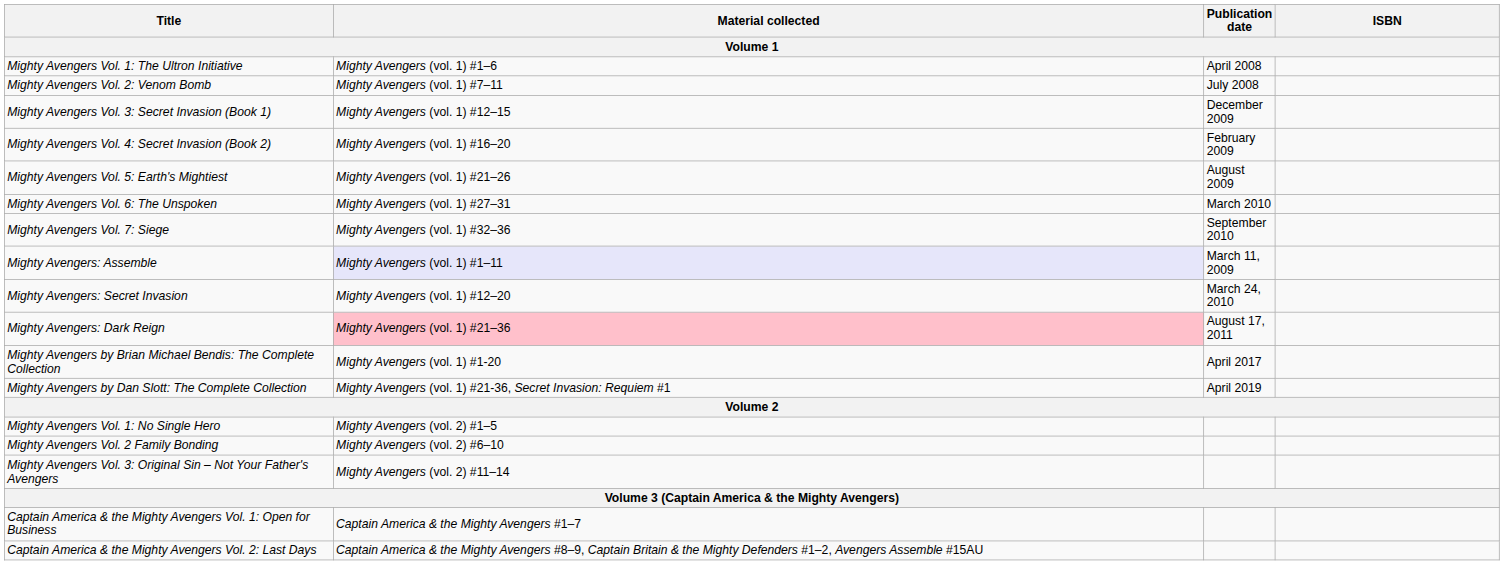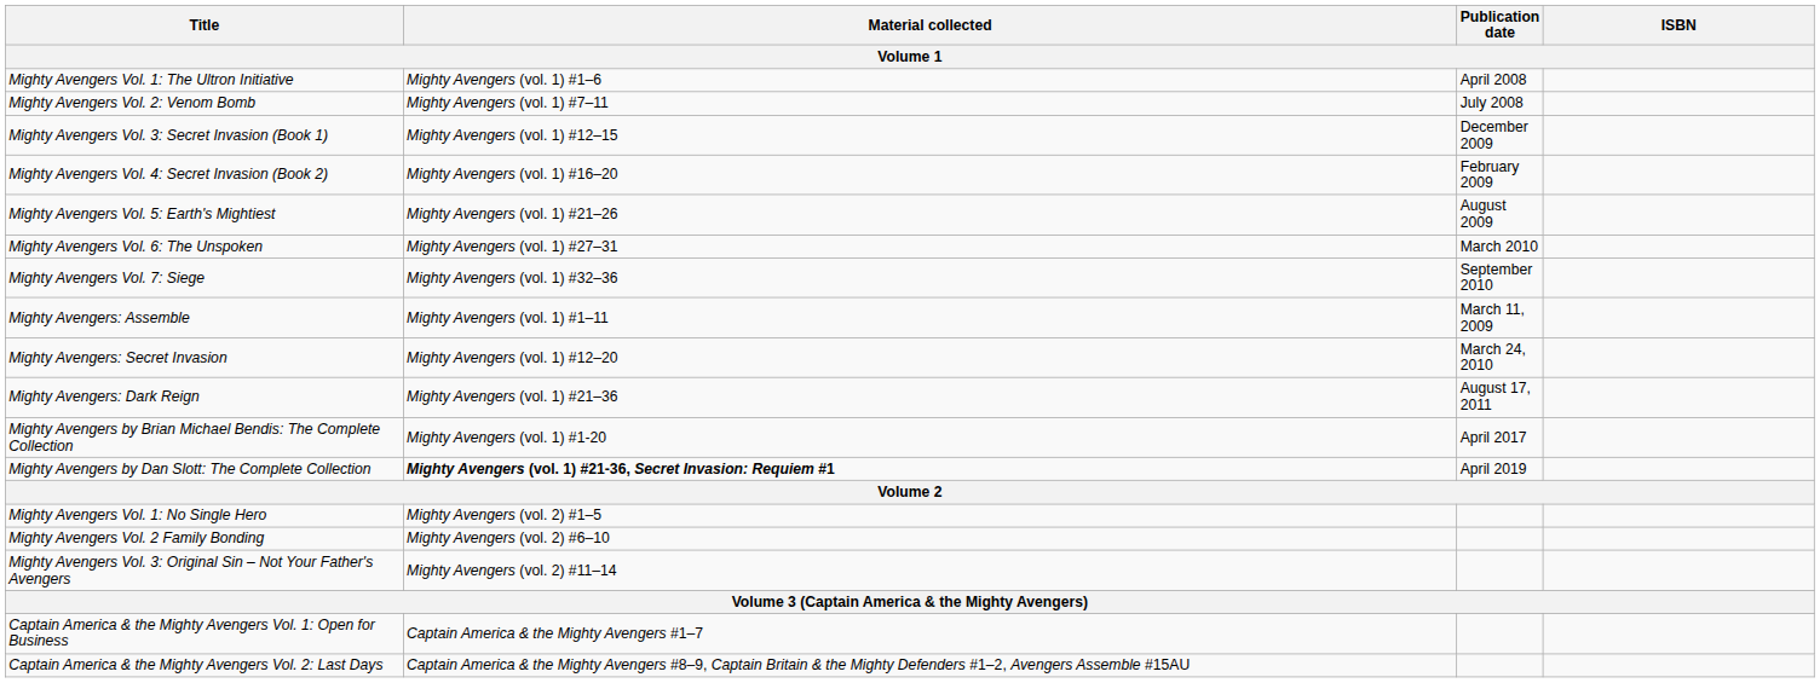 <table class="wikitable">
 <tr>
 <th width="22%">Title</th>
 <th>Material collected</th>
 <th width="1%">Publication date</th>
 <th width="15%">ISBN</th>
 </tr>
 <tr>
 <th colspan="4">Volume 1</th>
 </tr>
 <tr>
 <td><em>Mighty Avengers Vol. 1: The Ultron Initiative</em></td>
 <td><em>Mighty Avengers</em> (vol. 1) #1–6</td>
 <td>April 2008</td>
 <td></td>
 </tr>
 <tr>
 <td><em>Mighty Avengers Vol. 2:</em> <em>Venom Bomb</em></td>
 <td><em>Mighty Avengers</em> (vol. 1) #7–11</td>
 <td>July 2008</td>
 <td></td>
 </tr>
 <tr>
 <td><em>Mighty Avengers Vol. 3:</em> <em>Secret Invasion (Book 1)</em></td>
 <td><em>Mighty Avengers</em> (vol. 1) #12–15</td>
 <td>December 2009</td>
 <td></td>
 </tr>
 <tr>
 <td><em>Mighty Avengers Vol. 4:</em> <em>Secret Invasion (Book 2)</em></td>
 <td><em>Mighty Avengers</em> (vol. 1) #16–20</td>
 <td>February 2009</td>
 <td></td>
 </tr>
 <tr>
 <td><em>Mighty Avengers Vol. 5:</em> <em>Earth's Mightiest</em></td>
 <td><em>Mighty Avengers</em> (vol. 1) #21–26</td>
 <td>August 2009</td>
 <td></td>
 </tr>
 <tr>
 <td><em>Mighty Avengers Vol. 6:</em> <em>The Unspoken</em></td>
 <td><em>Mighty Avengers</em> (vol. 1) #27–31</td>
 <td>March 2010</td>
 <td></td>
 </tr>
 <tr>
 <td><em>Mighty Avengers Vol. 7:</em> <em>Siege</em></td>
 <td><em>Mighty Avengers</em> (vol. 1) #32–36</td>
 <td>September 2010</td>
 <td></td>
 </tr>
 <tr>
 <td><em>Mighty Avengers: Assemble</em></td>
-<td style="background: lavender;"><em>Mighty Avengers</em> (vol. 1) #1–11</td>
+<td><em>Mighty Avengers</em> (vol. 1) #1–11</td>
 <td>March 11, 2009</td>
 <td></td>
 </tr>
 <tr>
 <td><em>Mighty Avengers: Secret Invasion</em></td>
 <td><em>Mighty Avengers</em> (vol. 1) #12–20</td>
 <td>March 24, 2010</td>
 <td></td>
 </tr>
 <tr>
 <td><em>Mighty Avengers: Dark Reign</em></td>
-<td style="background: pink;"><em>Mighty Avengers</em> (vol. 1) #21–36</td>
+<td><em>Mighty Avengers</em> (vol. 1) #21–36</td>
 <td>August 17, 2011</td>
 <td></td>
 </tr>
 <tr>
 <td><em>Mighty Avengers by Brian Michael Bendis: The Complete Collection</em></td>
 <td><em>Mighty Avengers</em> (vol. 1) #1-20</td>
 <td>April 2017</td>
 <td></td>
 </tr>
 <tr>
 <td><em>Mighty Avengers by Dan Slott: The Complete Collection</em></td>
-<td><em>Mighty Avengers</em> (vol. 1) #21-36, <em>Secret Invasion: Requiem</em> #1</td>
+<td><strong><em>Mighty Avengers</em> (vol. 1) #21-36, <em>Secret Invasion: Requiem</em> #1</strong></td>
 <td>April 2019</td>
 <td></td>
 </tr>
 <tr>
 <th colspan="4">Volume 2</th>
 </tr>
 <tr>
 <td><em>Mighty Avengers Vol. 1: No Single Hero</em></td>
 <td><em>Mighty Avengers</em> (vol. 2) #1–5</td>
 <td></td>
 <td></td>
 </tr>
 <tr>
 <td><em>Mighty Avengers Vol. 2 Family Bonding</em></td>
 <td><em>Mighty Avengers</em> (vol. 2) #6–10</td>
 <td></td>
 <td></td>
 </tr>
 <tr>
 <td><em>Mighty Avengers Vol. 3: Original Sin – Not Your Father's Avengers</em></td>
 <td><em>Mighty Avengers</em> (vol. 2) #11–14</td>
 <td></td>
 <td></td>
 </tr>
 <tr>
 <th colspan="4">Volume 3 (Captain America & the Mighty Avengers)</th>
 </tr>
 <tr>
 <td><em>Captain America & the Mighty Avengers Vol. 1: Open for Business</em></td>
 <td><em>Captain America & the Mighty Avengers</em> #1–7</td>
 <td></td>
 <td></td>
 </tr>
 <tr>
 <td><em>Captain America & the Mighty Avengers Vol. 2: Last Days</em></td>
 <td><em>Captain America & the Mighty Avengers</em> #8–9, <em>Captain Britain & the Mighty Defenders</em> #1–2, <em>Avengers Assemble</em> #15AU</td>
 <td></td>
 <td></td>
 </tr>
 </table>
